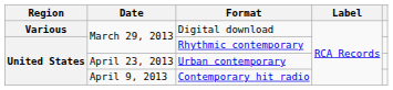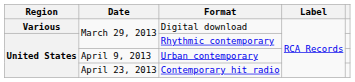 <table class="wikitable plainrowheaders">
 <tr>
 <th scope="col">Region</th>
 <th scope="col">Date</th>
 <th scope="col">Format</th>
 <th scope="col">Label</th>
 <th scope="col"></th>
 </tr>
 <tr>
 <th scope="row">Various</th>
 <td rowspan="2">March 29, 2013</td>
 <td>Digital download</td>
 <td rowspan="4"><a href='#'>RCA Records</a></td>
 <td style="text-align:center;"></td>
 </tr>
 <tr>
 <th scope="row" rowspan="3">United States</th>
 <td><a href='#'>Rhythmic contemporary</a></td>
 <td style="text-align:center;"></td>
 </tr>
 <tr>
-<td>April 23, 2013</td>
+<td>April 9, 2013</td>
 <td><a href='#'>Urban contemporary</a></td>
 <td style="text-align:center;"></td>
 </tr>
 <tr>
-<td>April 9, 2013</td>
+<td>April 23, 2013</td>
 <td><a href='#'>Contemporary hit radio</a></td>
 <td style="text-align:center;"></td>
 </tr>
 </table>
